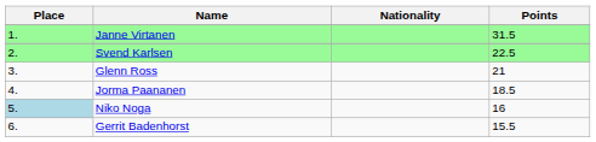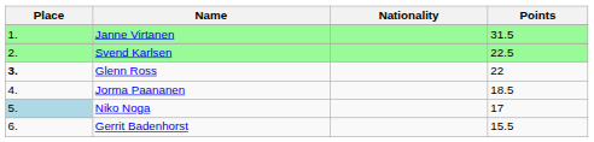 <table class="wikitable" style="display: inline-table; width: 50%;">
 <tr>
 <th>Place</th>
 <th>Name</th>
 <th>Nationality</th>
 <th>Points</th>
 </tr>
 <tr>
 </tr>
 <tr bgcolor=palegreen>
 <td>1.</td>
 <td><a href='#'>Janne Virtanen</a></td>
 <td></td>
 <td>31.5</td>
 </tr>
 <tr>
 </tr>
 <tr bgcolor=palegreen>
 <td>2.</td>
 <td><a href='#'>Svend Karlsen</a></td>
 <td></td>
 <td>22.5</td>
 </tr>
 <tr>
-<td>3.</td>
+<td><strong>3.</strong></td>
 <td><a href='#'>Glenn Ross</a></td>
 <td></td>
-<td>21</td>
+<td>22</td>
 </tr>
 <tr>
 <td>4.</td>
 <td><a href='#'>Jorma Paananen</a></td>
 <td></td>
 <td>18.5</td>
 </tr>
 <tr>
 <td style="background: lightblue;">5.</td>
 <td><a href='#'>Niko Noga</a></td>
 <td></td>
-<td>16</td>
+<td>17</td>
 </tr>
 <tr>
 <td>6.</td>
 <td><a href='#'>Gerrit Badenhorst</a></td>
 <td></td>
 <td>15.5</td>
 </tr>
 </table>
